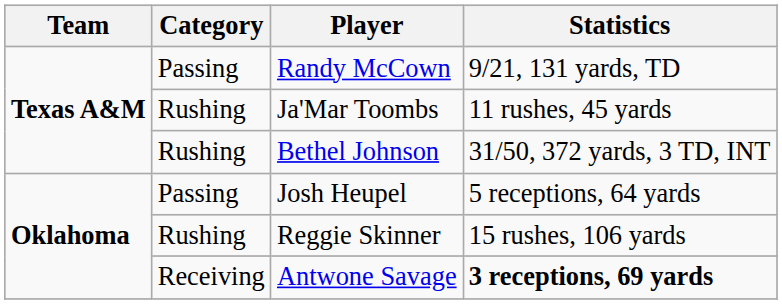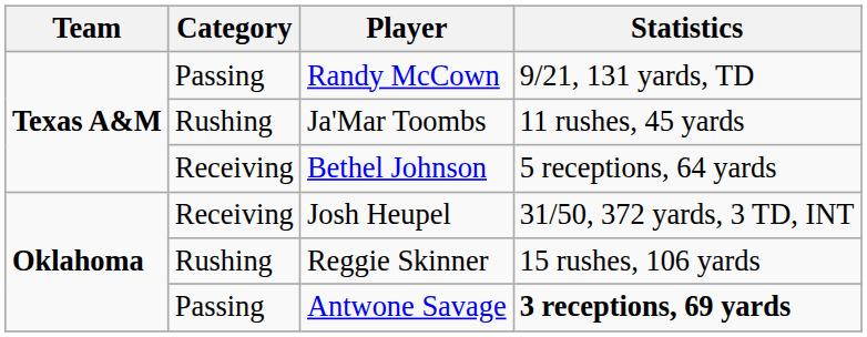 <table class="wikitable" style="float: left;">
 <tr>
 <th>Team</th>
 <th>Category</th>
 <th>Player</th>
 <th>Statistics</th>
 </tr>
 <tr>
 <td rowspan=3><strong>Texas A&M</strong></td>
 <td>Passing</td>
 <td><a href='#'>Randy McCown</a></td>
 <td>9/21, 131 yards, TD</td>
 </tr>
 <tr>
 <td>Rushing</td>
 <td>Ja'Mar Toombs</td>
 <td>11 rushes, 45 yards</td>
 </tr>
 <tr>
-<td>Rushing</td>
+<td>Receiving</td>
 <td><a href='#'>Bethel Johnson</a></td>
-<td>31/50, 372 yards, 3 TD, INT</td>
+<td>5 receptions, 64 yards</td>
 </tr>
 <tr>
 <td rowspan=3><strong>Oklahoma</strong></td>
-<td>Passing</td>
+<td>Receiving</td>
 <td>Josh Heupel</td>
-<td>5 receptions, 64 yards</td>
+<td>31/50, 372 yards, 3 TD, INT</td>
 </tr>
 <tr>
 <td>Rushing</td>
 <td>Reggie Skinner</td>
 <td>15 rushes, 106 yards</td>
 </tr>
 <tr>
-<td>Receiving</td>
+<td>Passing</td>
 <td><a href='#'>Antwone Savage</a></td>
 <td><strong>3 receptions, 69 yards</strong></td>
 </tr>
 </table>
